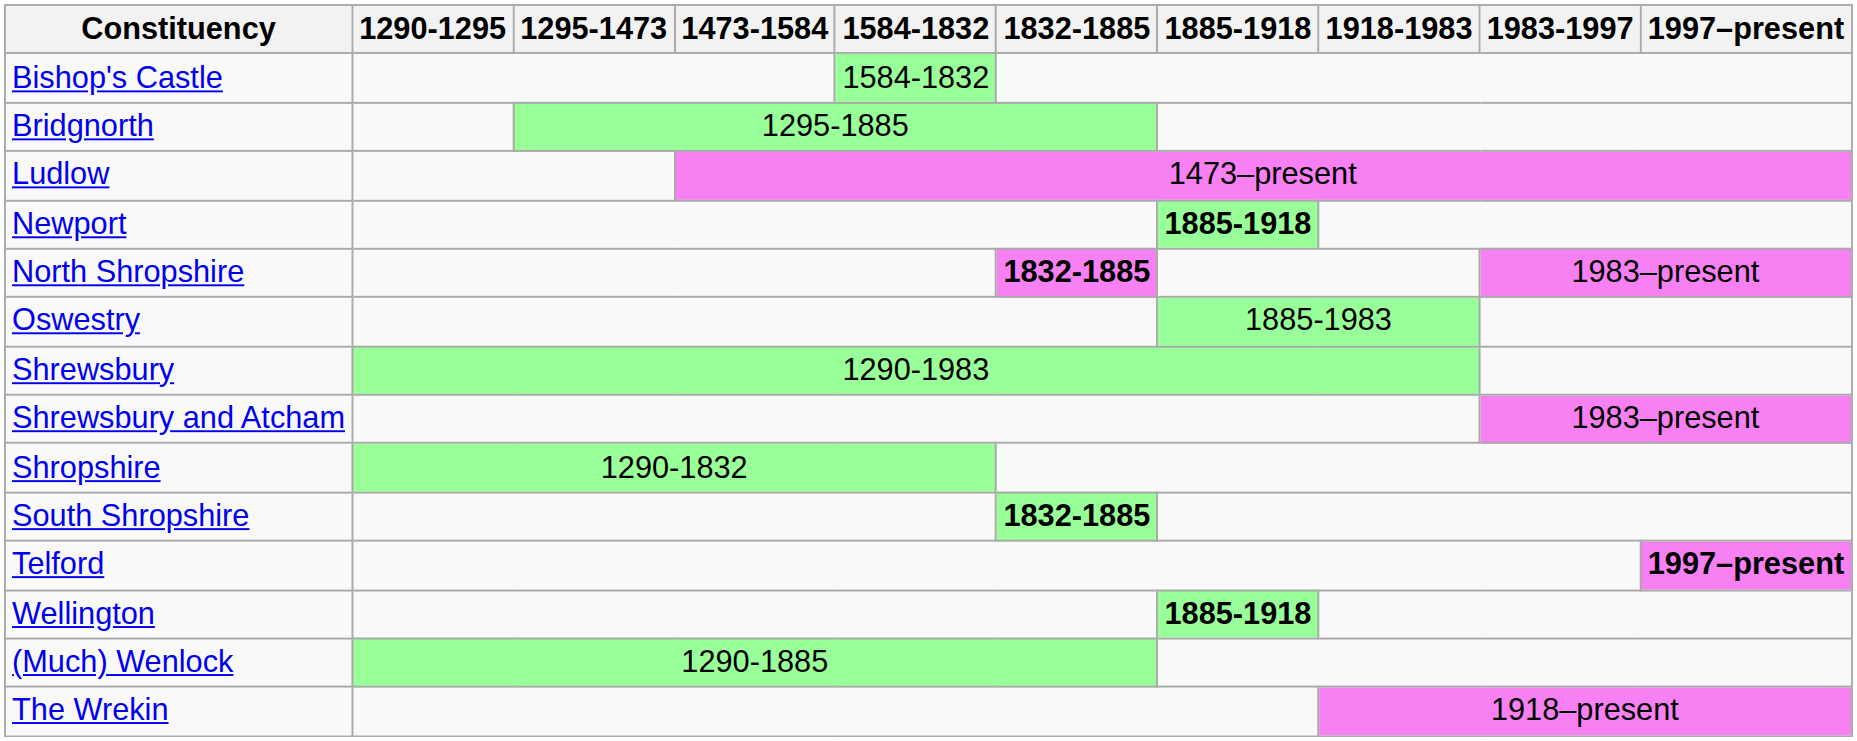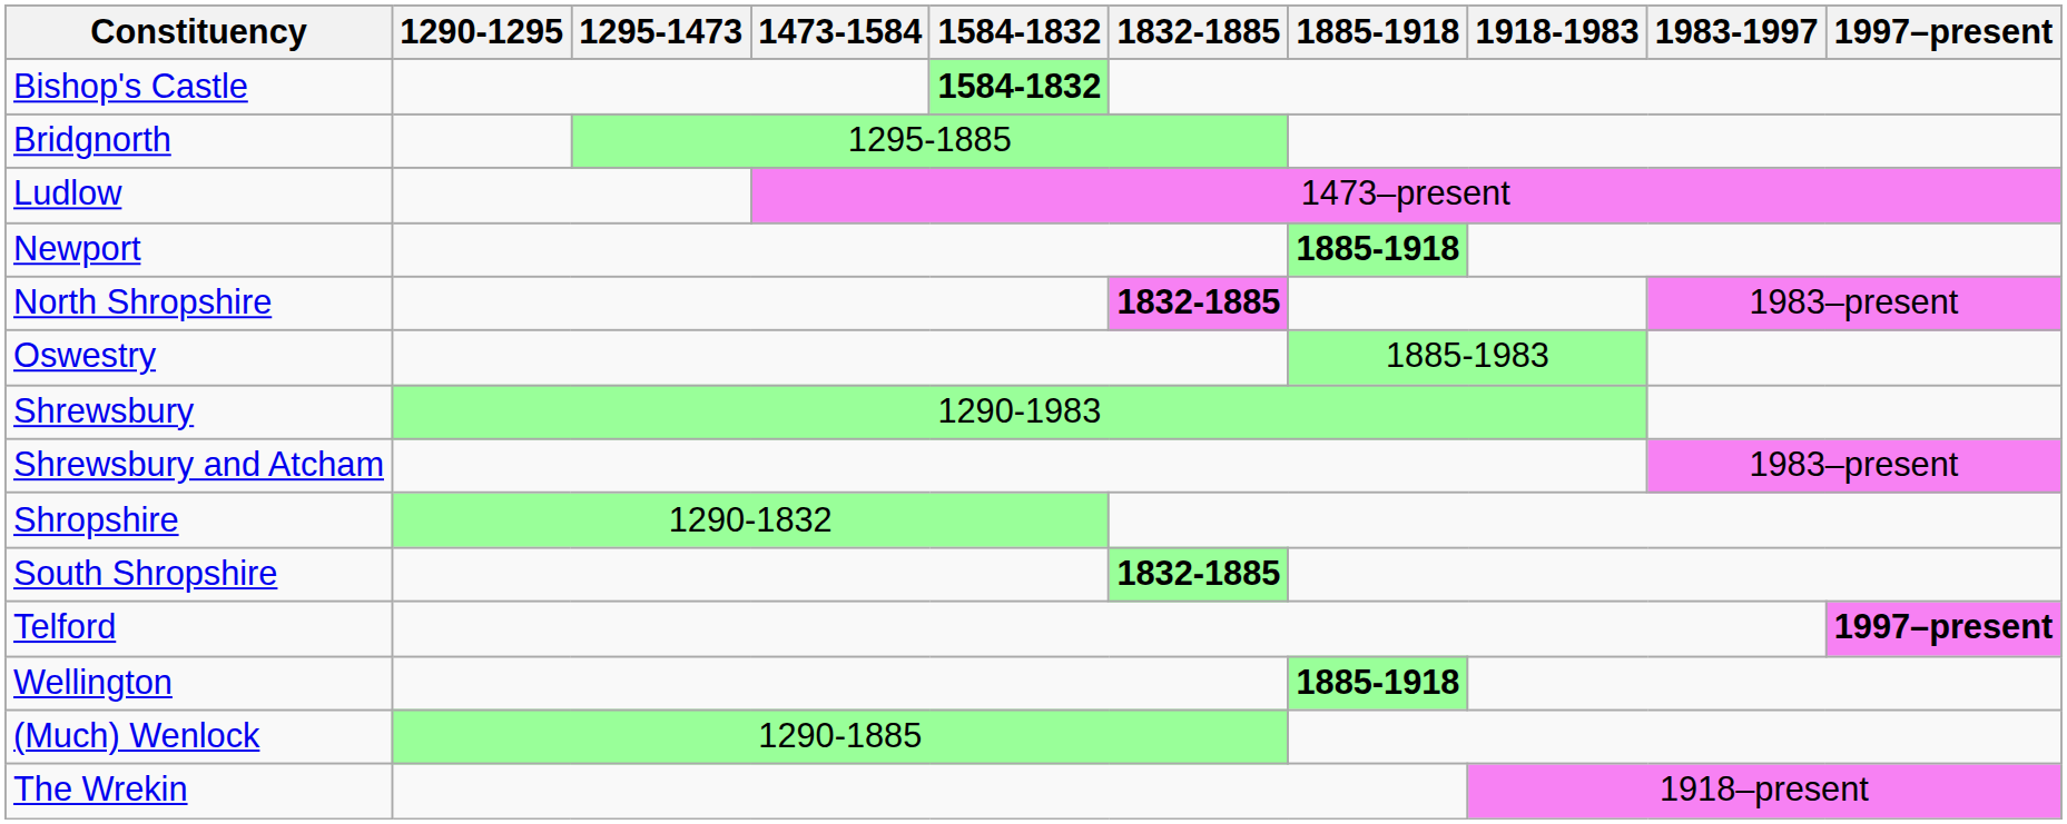 <table class="wikitable">
 <tr>
 <th>Constituency</th>
 <th>1290-1295</th>
 <th>1295-1473</th>
 <th>1473-1584</th>
 <th>1584-1832</th>
 <th>1832-1885</th>
 <th>1885-1918</th>
 <th>1918-1983</th>
 <th>1983-1997</th>
 <th>1997–present</th>
 </tr>
 <tr>
 <td><a href='#'>Bishop's Castle</a></td>
 <td colspan=3></td>
-<td bgcolor="#99ff99">1584-1832</td>
+<td bgcolor="#99ff99"><strong>1584-1832</strong></td>
 <td colspan=5></td>
 </tr>
 <tr>
 <td><a href='#'>Bridgnorth</a></td>
 <td></td>
 <td align="center" bgcolor="#99ff99" colspan=4>1295-1885</td>
 <td colspan=4></td>
 </tr>
 <tr>
 <td><a href='#'>Ludlow</a></td>
 <td colspan=2></td>
 <td align="center" bgcolor="#f781f3" colspan=7>1473–present</td>
 </tr>
 <tr>
 <td><a href='#'>Newport</a></td>
 <td colspan=5></td>
 <td bgcolor="#99ff99"><strong>1885-1918</strong></td>
 <td colspan=3></td>
 </tr>
 <tr>
 <td><a href='#'>North Shropshire</a></td>
 <td colspan=4></td>
 <td bgcolor="#f781f3"><strong>1832-1885</strong></td>
 <td colspan=2></td>
 <td align="center" bgcolor="#f781f3" colspan=2>1983–present</td>
 </tr>
 <tr>
 <td><a href='#'>Oswestry</a></td>
 <td colspan=5></td>
 <td align="center" bgcolor="#99ff99" colspan=2>1885-1983</td>
 <td colspan=2></td>
 </tr>
 <tr>
 <td><a href='#'>Shrewsbury</a></td>
 <td align="center" bgcolor="#99ff99" colspan=7>1290-1983</td>
 <td colspan=2></td>
 </tr>
 <tr>
 <td><a href='#'>Shrewsbury and Atcham</a></td>
 <td colspan=7></td>
 <td align="center" bgcolor="#f781f3" colspan=2>1983–present</td>
 </tr>
 <tr>
 <td><a href='#'>Shropshire</a></td>
 <td align="center" bgcolor="#99ff99" colspan=4>1290-1832</td>
 <td colspan=5></td>
 </tr>
 <tr>
 <td><a href='#'>South Shropshire</a></td>
 <td colspan=4></td>
 <td bgcolor="#99ff99"><strong>1832-1885</strong></td>
 <td colspan=4></td>
 </tr>
 <tr>
 <td><a href='#'>Telford</a></td>
 <td colspan=8></td>
 <td bgcolor="#f781f3"><strong>1997–present</strong></td>
 </tr>
 <tr>
 <td><a href='#'>Wellington</a></td>
 <td colspan=5></td>
 <td bgcolor="#99ff99"><strong>1885-1918</strong></td>
 <td colspan=3></td>
 </tr>
 <tr>
 <td><a href='#'>(Much) Wenlock</a></td>
 <td align="center" bgcolor="#99ff99" colspan=5>1290-1885</td>
 <td colspan=4></td>
 </tr>
 <tr>
 <td><a href='#'>The Wrekin</a></td>
 <td colspan=6></td>
 <td align="center" bgcolor="#f781f3" colspan=3>1918–present</td>
 </tr>
 </table>
